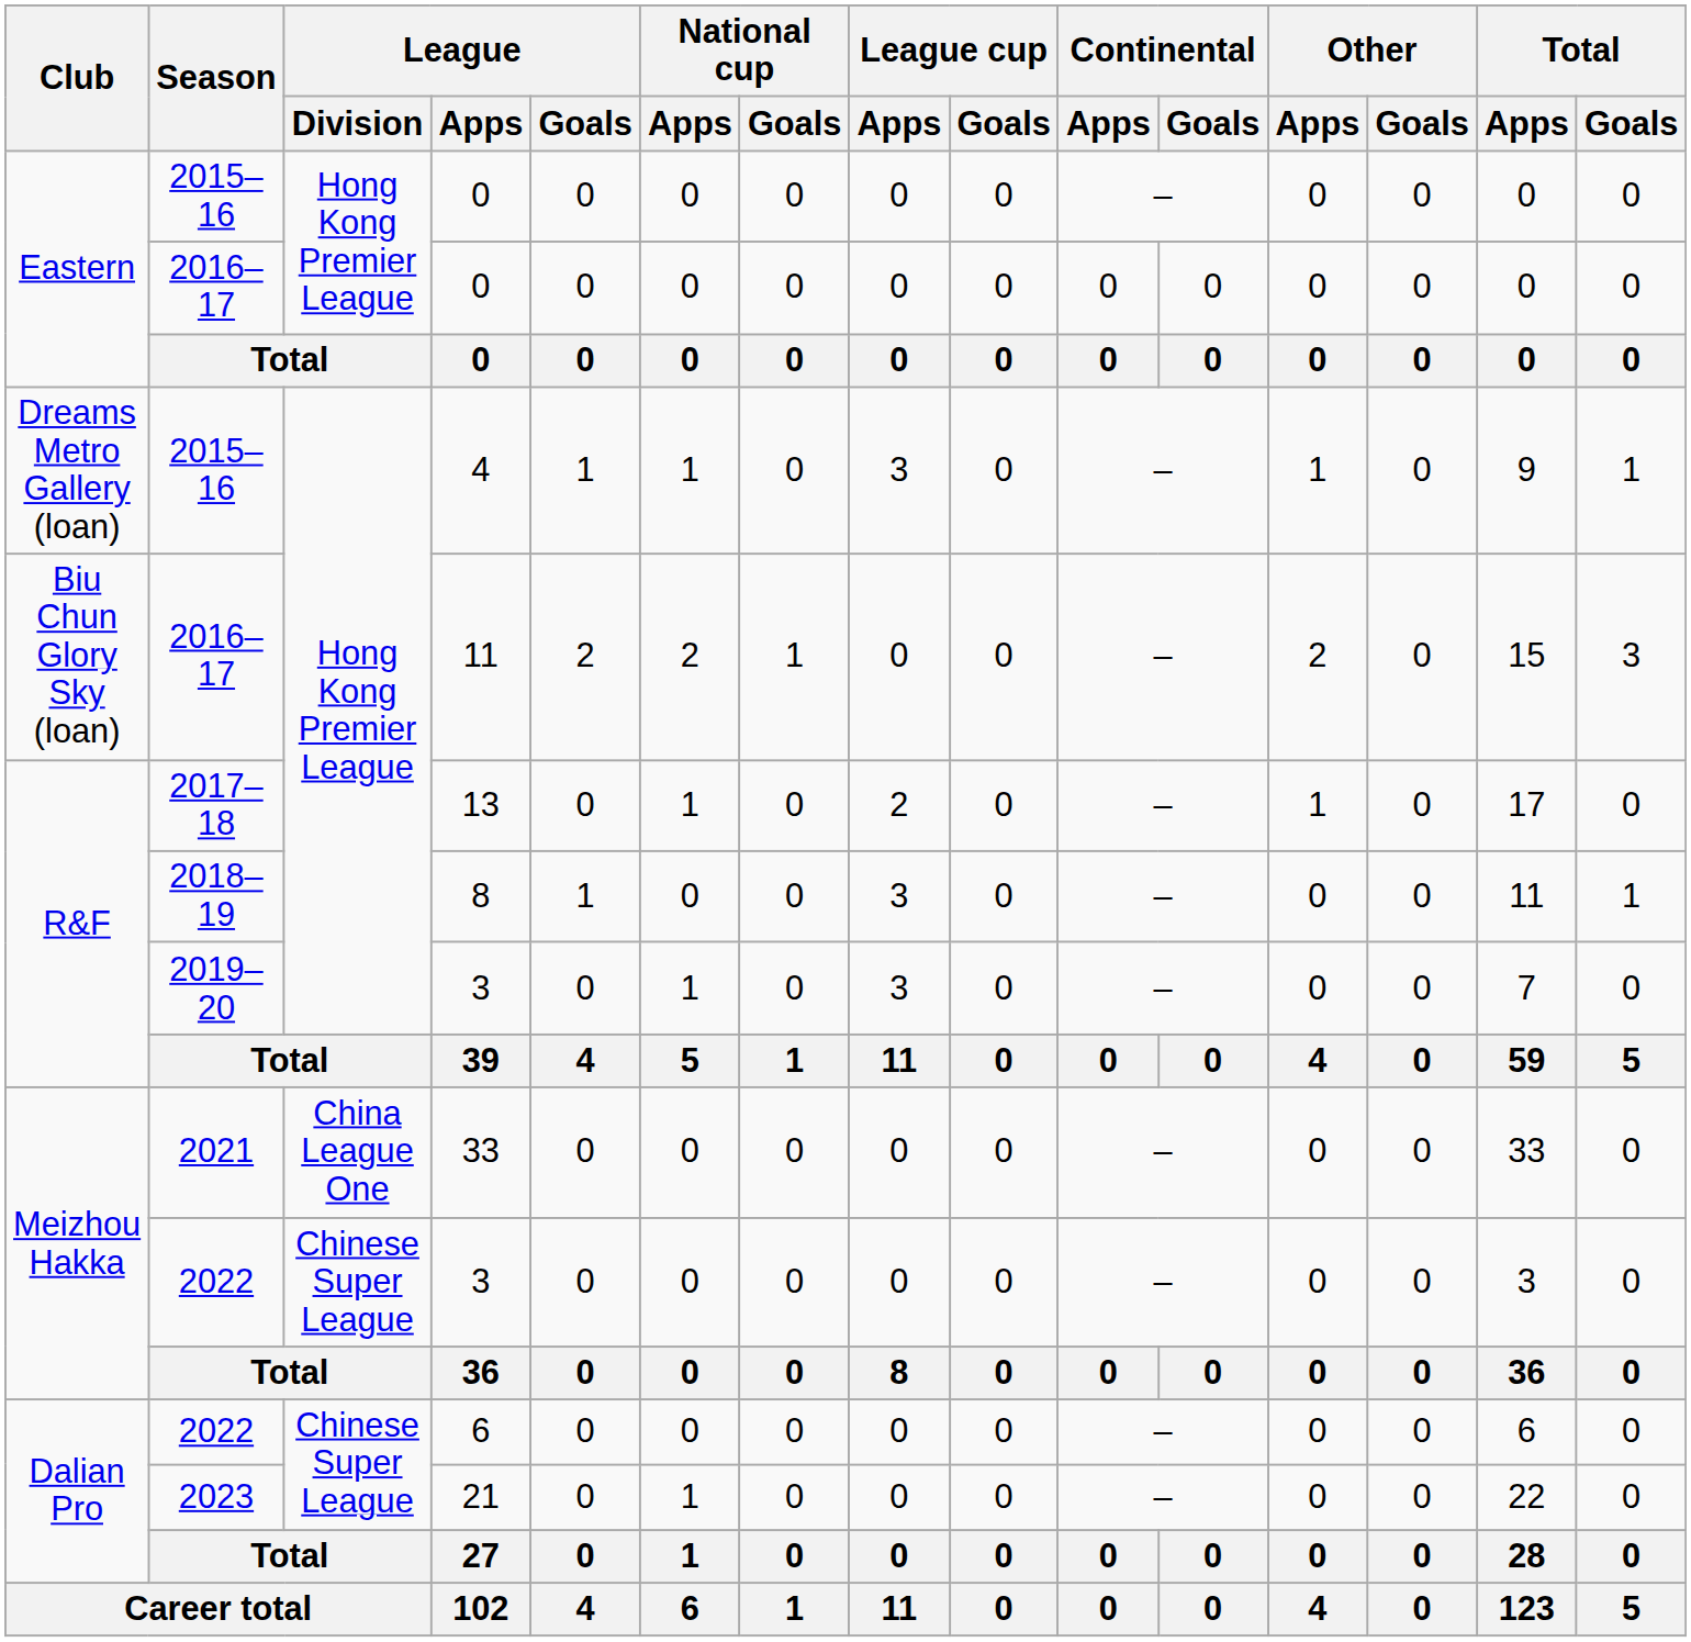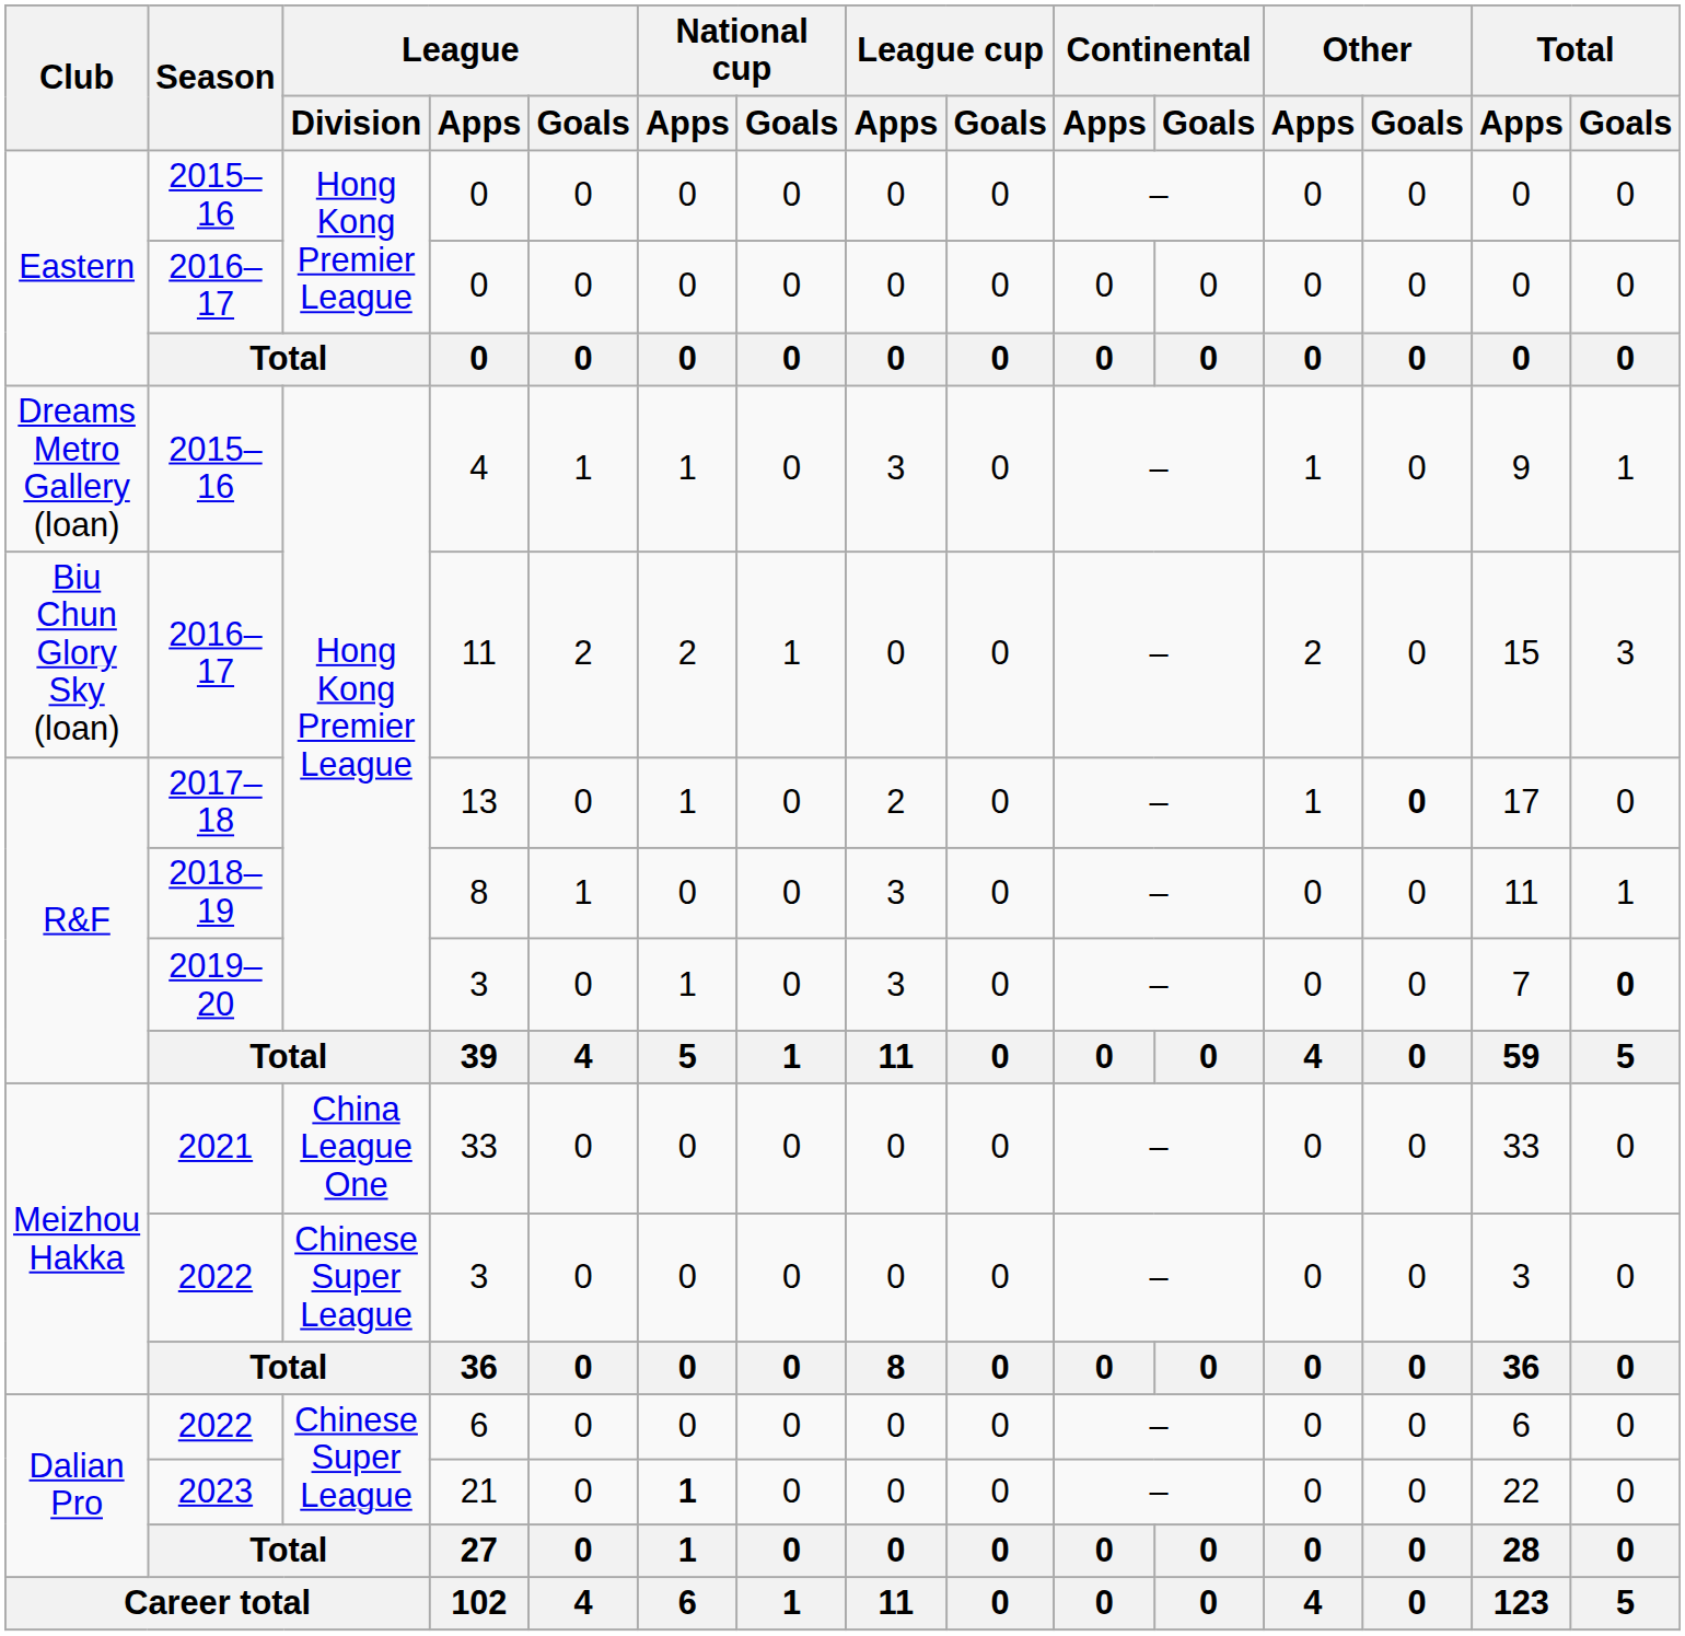 <table class="wikitable" style="text-align: center">
 <tr>
 <th rowspan="2">Club</th>
 <th rowspan="2">Season</th>
 <th colspan="3">League</th>
 <th colspan="2">National cup</th>
 <th colspan="2">League cup</th>
 <th colspan="2">Continental</th>
 <th colspan="2">Other</th>
 <th colspan="2">Total</th>
 </tr>
 <tr>
 <th>Division</th>
 <th>Apps</th>
 <th>Goals</th>
 <th>Apps</th>
 <th>Goals</th>
 <th>Apps</th>
 <th>Goals</th>
 <th>Apps</th>
 <th>Goals</th>
 <th>Apps</th>
 <th>Goals</th>
 <th>Apps</th>
 <th>Goals</th>
 </tr>
 <tr>
 <td rowspan="3"><a href='#'>Eastern</a></td>
 <td><a href='#'>2015–16</a></td>
 <td rowspan="2"><a href='#'>Hong Kong Premier League</a></td>
 <td>0</td>
 <td>0</td>
 <td>0</td>
 <td>0</td>
 <td>0</td>
 <td>0</td>
 <td colspan=2>–</td>
 <td>0</td>
 <td>0</td>
 <td>0</td>
 <td>0</td>
 </tr>
 <tr>
 <td><a href='#'>2016–17</a></td>
 <td>0</td>
 <td>0</td>
 <td>0</td>
 <td>0</td>
 <td>0</td>
 <td>0</td>
 <td>0</td>
 <td>0</td>
 <td>0</td>
 <td>0</td>
 <td>0</td>
 <td>0</td>
 </tr>
 <tr>
 <th colspan=2>Total</th>
 <th>0</th>
 <th>0</th>
 <th>0</th>
 <th>0</th>
 <th>0</th>
 <th>0</th>
 <th>0</th>
 <th>0</th>
 <th>0</th>
 <th>0</th>
 <th>0</th>
 <th>0</th>
 </tr>
 <tr>
 <td><a href='#'>Dreams Metro Gallery</a> (loan)</td>
 <td><a href='#'>2015–16</a></td>
 <td rowspan="5"><a href='#'>Hong Kong Premier League</a></td>
 <td>4</td>
 <td>1</td>
 <td>1</td>
 <td>0</td>
 <td>3</td>
 <td>0</td>
 <td colspan=2>–</td>
 <td>1</td>
 <td>0</td>
 <td>9</td>
 <td>1</td>
 </tr>
 <tr>
 <td><a href='#'>Biu Chun Glory Sky</a> (loan)</td>
 <td><a href='#'>2016–17</a></td>
 <td>11</td>
 <td>2</td>
 <td>2</td>
 <td>1</td>
 <td>0</td>
 <td>0</td>
 <td colspan=2>–</td>
 <td>2</td>
 <td>0</td>
 <td>15</td>
 <td>3</td>
 </tr>
 <tr>
 <td rowspan="4"><a href='#'>R&F</a></td>
 <td><a href='#'>2017–18</a></td>
 <td>13</td>
 <td>0</td>
 <td>1</td>
 <td>0</td>
 <td>2</td>
 <td>0</td>
 <td colspan=2>–</td>
 <td>1</td>
-<td>0</td>
+<td><strong>0</strong></td>
 <td>17</td>
 <td>0</td>
 </tr>
 <tr>
 <td><a href='#'>2018–19</a></td>
 <td>8</td>
 <td>1</td>
 <td>0</td>
 <td>0</td>
 <td>3</td>
 <td>0</td>
 <td colspan=2>–</td>
 <td>0</td>
 <td>0</td>
 <td>11</td>
 <td>1</td>
 </tr>
 <tr>
 <td><a href='#'>2019–20</a></td>
 <td>3</td>
 <td>0</td>
 <td>1</td>
 <td>0</td>
 <td>3</td>
 <td>0</td>
 <td colspan=2>–</td>
 <td>0</td>
 <td>0</td>
 <td>7</td>
-<td>0</td>
+<td><strong>0</strong></td>
 </tr>
 <tr>
 <th colspan=2>Total</th>
 <th>39</th>
 <th>4</th>
 <th>5</th>
 <th>1</th>
 <th>11</th>
 <th>0</th>
 <th>0</th>
 <th>0</th>
 <th>4</th>
 <th>0</th>
 <th>59</th>
 <th>5</th>
 </tr>
 <tr>
 <td rowspan="3"><a href='#'>Meizhou Hakka</a></td>
 <td><a href='#'>2021</a></td>
 <td><a href='#'>China League One</a></td>
 <td>33</td>
 <td>0</td>
 <td>0</td>
 <td>0</td>
 <td>0</td>
 <td>0</td>
 <td colspan=2>–</td>
 <td>0</td>
 <td>0</td>
 <td>33</td>
 <td>0</td>
 </tr>
 <tr>
 <td><a href='#'>2022</a></td>
 <td><a href='#'>Chinese Super League</a></td>
 <td>3</td>
 <td>0</td>
 <td>0</td>
 <td>0</td>
 <td>0</td>
 <td>0</td>
 <td colspan=2>–</td>
 <td>0</td>
 <td>0</td>
 <td>3</td>
 <td>0</td>
 </tr>
 <tr>
 <th colspan=2>Total</th>
 <th>36</th>
 <th>0</th>
 <th>0</th>
 <th>0</th>
 <th>8</th>
 <th>0</th>
 <th>0</th>
 <th>0</th>
 <th>0</th>
 <th>0</th>
 <th>36</th>
 <th>0</th>
 </tr>
 <tr>
 <td rowspan="3"><a href='#'>Dalian Pro</a></td>
 <td><a href='#'>2022</a></td>
 <td rowspan="2"><a href='#'>Chinese Super League</a></td>
 <td>6</td>
 <td>0</td>
 <td>0</td>
 <td>0</td>
 <td>0</td>
 <td>0</td>
 <td colspan=2>–</td>
 <td>0</td>
 <td>0</td>
 <td>6</td>
 <td>0</td>
 </tr>
 <tr>
 <td><a href='#'>2023</a></td>
 <td>21</td>
 <td>0</td>
-<td>1</td>
+<td><strong>1</strong></td>
 <td>0</td>
 <td>0</td>
 <td>0</td>
 <td colspan=2>–</td>
 <td>0</td>
 <td>0</td>
 <td>22</td>
 <td>0</td>
 </tr>
 <tr>
 <th colspan=2>Total</th>
 <th>27</th>
 <th>0</th>
 <th>1</th>
 <th>0</th>
 <th>0</th>
 <th>0</th>
 <th>0</th>
 <th>0</th>
 <th>0</th>
 <th>0</th>
 <th>28</th>
 <th>0</th>
 </tr>
 <tr>
 <th colspan=3>Career total</th>
 <th>102</th>
 <th>4</th>
 <th>6</th>
 <th>1</th>
 <th>11</th>
 <th>0</th>
 <th>0</th>
 <th>0</th>
 <th>4</th>
 <th>0</th>
 <th>123</th>
 <th>5</th>
 </tr>
 </table>
